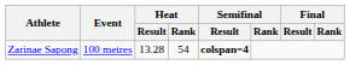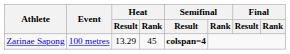 <table class=wikitable style=font-size:90%>
 <tr>
 <th rowspan=2>Athlete</th>
 <th rowspan=2>Event</th>
 <th colspan=2>Heat</th>
 <th colspan=2>Semifinal</th>
 <th colspan=2>Final</th>
 </tr>
 <tr style=font-size:95%>
 <th>Result</th>
 <th>Rank</th>
 <th>Result</th>
 <th>Rank</th>
 <th>Result</th>
 <th>Rank</th>
 </tr>
 <tr align=center>
 <td align=left><a href='#'>Zarinae Sapong</a></td>
 <td align=left><a href='#'>100 metres</a></td>
-<td>13.28 </td>
-<td>54</td>
+<td>13.29 </td>
+<td>45</td>
 <td><strong>colspan=4 </strong></td>
 </tr>
 </table>
